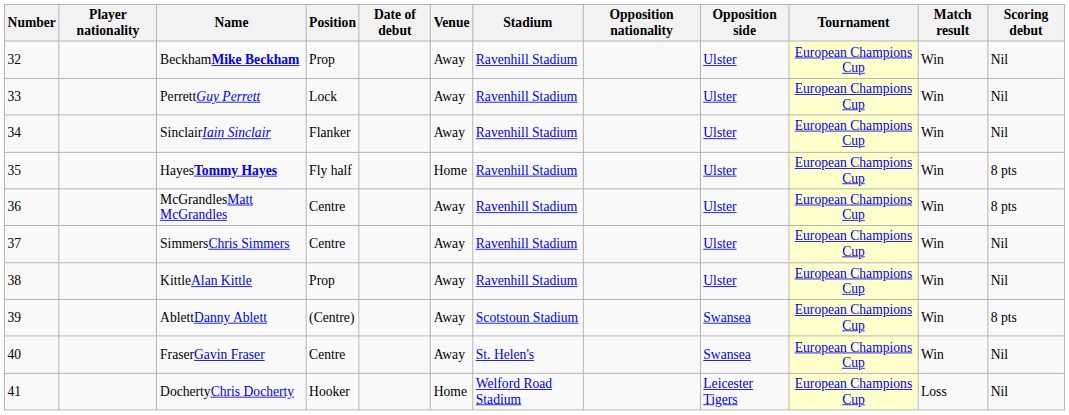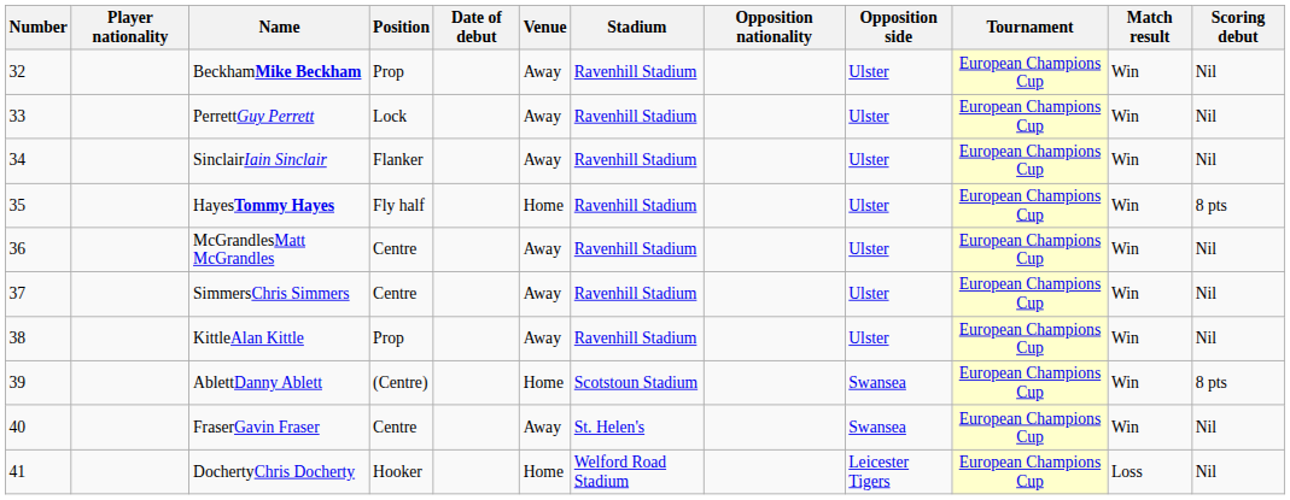 <table class="sortable wikitable">
 <tr>
 <th data-sort-type="number">Number</th>
 <th>Player nationality</th>
 <th>Name</th>
 <th>Position</th>
 <th>Date of debut</th>
 <th>Venue</th>
 <th>Stadium</th>
 <th>Opposition nationality</th>
 <th>Opposition side</th>
 <th>Tournament</th>
 <th>Match result</th>
 <th>Scoring debut</th>
 </tr>
 <tr>
 <td>32</td>
 <td style="text-align:center;"></td>
 <td><span>Beckham</span><strong><a href='#'>Mike Beckham</a></strong></td>
 <td>Prop</td>
 <td></td>
 <td>Away</td>
 <td><a href='#'>Ravenhill Stadium</a></td>
 <td style="text-align:center;"></td>
 <td><a href='#'>Ulster</a></td>
 <td style="text-align:center; background:#ffffcc;"><a href='#'>European Champions Cup</a></td>
 <td>Win</td>
 <td>Nil</td>
 </tr>
 <tr>
 <td>33</td>
 <td style="text-align:center;"></td>
 <td><span>Perrett</span><em><a href='#'>Guy Perrett</a></em></td>
 <td>Lock</td>
 <td></td>
 <td>Away</td>
 <td><a href='#'>Ravenhill Stadium</a></td>
 <td style="text-align:center;"></td>
 <td><a href='#'>Ulster</a></td>
 <td style="text-align:center; background:#ffffcc;"><a href='#'>European Champions Cup</a></td>
 <td>Win</td>
 <td>Nil</td>
 </tr>
 <tr>
 <td>34</td>
 <td style="text-align:center;"></td>
 <td><span>Sinclair</span><em><a href='#'>Iain Sinclair</a></em></td>
 <td>Flanker</td>
 <td></td>
 <td>Away</td>
 <td><a href='#'>Ravenhill Stadium</a></td>
 <td style="text-align:center;"></td>
 <td><a href='#'>Ulster</a></td>
 <td style="text-align:center; background:#ffffcc;"><a href='#'>European Champions Cup</a></td>
 <td>Win</td>
 <td>Nil</td>
 </tr>
 <tr>
 <td>35</td>
 <td style="text-align:center;"></td>
 <td><span>Hayes</span><strong><a href='#'>Tommy Hayes</a></strong></td>
 <td>Fly half</td>
 <td></td>
 <td>Home</td>
 <td><a href='#'>Ravenhill Stadium</a></td>
 <td style="text-align:center;"></td>
 <td><a href='#'>Ulster</a></td>
 <td style="text-align:center; background:#ffffcc;"><a href='#'>European Champions Cup</a></td>
 <td>Win</td>
 <td>8 pts</td>
 </tr>
 <tr>
 <td>36</td>
 <td style="text-align:center;"></td>
 <td><span>McGrandles</span><a href='#'>Matt McGrandles</a></td>
 <td>Centre</td>
 <td></td>
 <td>Away</td>
 <td><a href='#'>Ravenhill Stadium</a></td>
 <td style="text-align:center;"></td>
 <td><a href='#'>Ulster</a></td>
 <td style="text-align:center; background:#ffffcc;"><a href='#'>European Champions Cup</a></td>
 <td>Win</td>
-<td>8 pts</td>
+<td>Nil</td>
 </tr>
 <tr>
 <td>37</td>
 <td style="text-align:center;"></td>
 <td><span>Simmers</span><a href='#'>Chris Simmers</a></td>
 <td>Centre</td>
 <td></td>
 <td>Away</td>
 <td><a href='#'>Ravenhill Stadium</a></td>
 <td style="text-align:center;"></td>
 <td><a href='#'>Ulster</a></td>
 <td style="text-align:center; background:#ffffcc;"><a href='#'>European Champions Cup</a></td>
 <td>Win</td>
 <td>Nil</td>
 </tr>
 <tr>
 <td>38</td>
 <td style="text-align:center;"></td>
 <td><span>Kittle</span><a href='#'>Alan Kittle</a></td>
 <td>Prop</td>
 <td></td>
 <td>Away</td>
 <td><a href='#'>Ravenhill Stadium</a></td>
 <td style="text-align:center;"></td>
 <td><a href='#'>Ulster</a></td>
 <td style="text-align:center; background:#ffffcc;"><a href='#'>European Champions Cup</a></td>
 <td>Win</td>
 <td>Nil</td>
 </tr>
 <tr>
 <td>39</td>
 <td style="text-align:center;"></td>
 <td><span>Ablett</span><a href='#'>Danny Ablett</a></td>
 <td>(Centre)</td>
 <td></td>
-<td>Away</td>
+<td>Home</td>
 <td><a href='#'>Scotstoun Stadium</a></td>
 <td style="text-align:center;"></td>
 <td><a href='#'>Swansea</a></td>
 <td style="text-align:center; background:#ffffcc;"><a href='#'>European Champions Cup</a></td>
 <td>Win</td>
 <td>8 pts</td>
 </tr>
 <tr>
 <td>40</td>
 <td style="text-align:center;"></td>
 <td><span>Fraser</span><a href='#'>Gavin Fraser</a></td>
 <td>Centre</td>
 <td></td>
 <td>Away</td>
 <td><a href='#'>St. Helen's</a></td>
 <td style="text-align:center;"></td>
 <td><a href='#'>Swansea</a></td>
 <td style="text-align:center; background:#ffffcc;"><a href='#'>European Champions Cup</a></td>
 <td>Win</td>
 <td>Nil</td>
 </tr>
 <tr>
 <td>41</td>
 <td style="text-align:center;"></td>
 <td><span>Docherty</span><a href='#'>Chris Docherty</a></td>
 <td>Hooker</td>
 <td></td>
 <td>Home</td>
 <td><a href='#'>Welford Road Stadium</a></td>
 <td style="text-align:center;"></td>
 <td><a href='#'>Leicester Tigers</a></td>
 <td style="text-align:center; background:#ffffcc;"><a href='#'>European Champions Cup</a></td>
 <td>Loss</td>
 <td>Nil</td>
 </tr>
 </table>
